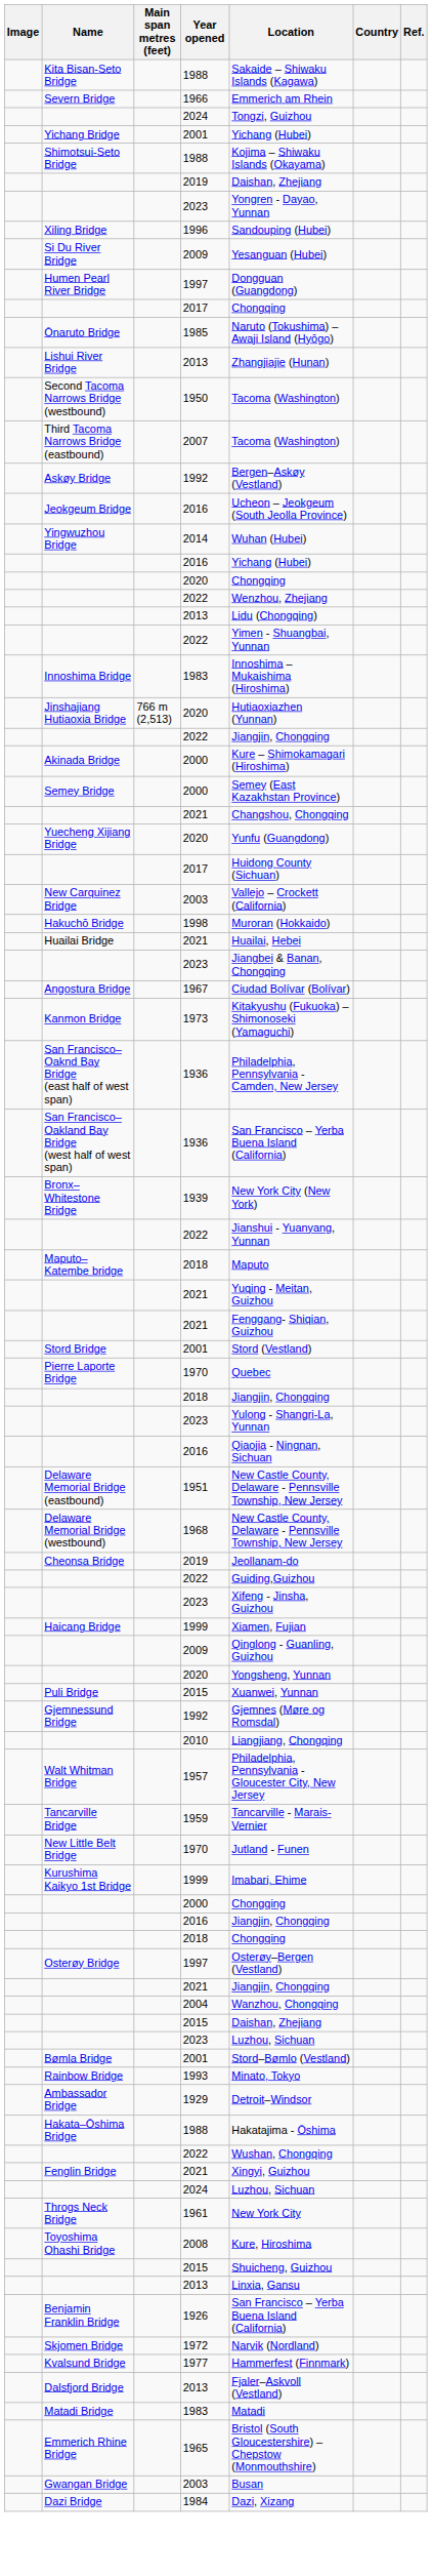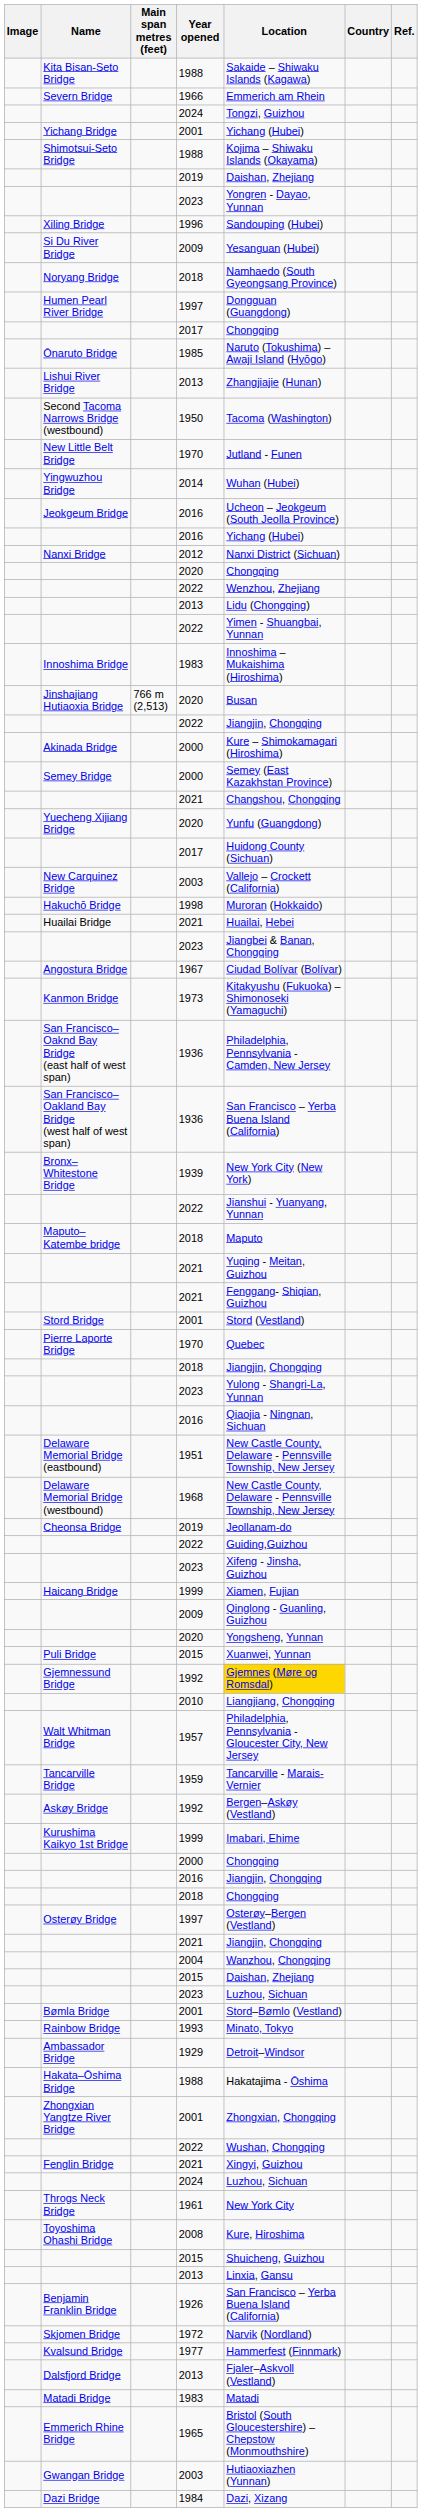 <table class="wikitable sortable static-row-numbers">
 <tr>
 <th>Image</th>
 <th>Name</th>
 <th>Main span<br>metres (feet)</th>
 <th>Year opened</th>
 <th>Location</th>
 <th>Country</th>
 <th class="unsortable">Ref.</th>
 </tr>
 <tr>
 <td></td>
 <td><a href='#'>Kita Bisan-Seto Bridge</a></td>
 <td></td>
 <td>1988</td>
 <td><a href='#'>Sakaide</a> – <a href='#'>Shiwaku Islands</a> (<a href='#'>Kagawa</a>)<br><small></small></td>
 <td></td>
 <td></td>
 </tr>
 <tr>
 <td></td>
 <td><a href='#'>Severn Bridge</a></td>
 <td></td>
 <td>1966</td>
 <td><a href='#'>Emmerich am Rhein</a><br></td>
 <td></td>
 <td></td>
 </tr>
 <tr>
 <td></td>
 <td></td>
 <td></td>
 <td>2024</td>
 <td><a href='#'>Tongzi</a>, <a href='#'>Guizhou</a></td>
 <td></td>
 <td></td>
 </tr>
 <tr>
 <td></td>
 <td><a href='#'>Yichang Bridge</a></td>
 <td></td>
 <td>2001</td>
 <td><a href='#'>Yichang</a> (<a href='#'>Hubei</a>)<br><small></small></td>
 <td></td>
 <td></td>
 </tr>
 <tr>
 <td></td>
 <td><a href='#'>Shimotsui-Seto Bridge</a></td>
 <td></td>
 <td>1988</td>
 <td><a href='#'>Kojima</a> – <a href='#'>Shiwaku Islands</a> (<a href='#'>Okayama</a>)<br><small></small></td>
 <td></td>
 <td></td>
 </tr>
 <tr>
 <td></td>
 <td></td>
 <td></td>
 <td>2019</td>
 <td><a href='#'>Daishan</a>, <a href='#'>Zhejiang</a><br><small></small></td>
 <td></td>
 <td></td>
 </tr>
 <tr>
 <td></td>
 <td></td>
 <td></td>
 <td>2023</td>
 <td><a href='#'>Yongren</a> - <a href='#'>Dayao</a>, <a href='#'>Yunnan</a><br></td>
 <td></td>
 <td></td>
 </tr>
 <tr>
 <td></td>
 <td><a href='#'>Xiling Bridge</a></td>
 <td></td>
 <td>1996</td>
 <td><a href='#'>Sandouping</a> (<a href='#'>Hubei</a>)<br><small></small></td>
 <td></td>
 <td></td>
 </tr>
 <tr>
 <td></td>
 <td><a href='#'>Si Du River Bridge</a></td>
 <td></td>
 <td>2009</td>
 <td><a href='#'>Yesanguan</a> (<a href='#'>Hubei</a>)<br><small></small></td>
 <td></td>
 <td></td>
 </tr>
 <tr>
 <td></td>
+<td><a href='#'>Noryang Bridge</a></td>
+<td></td>
+<td>2018</td>
+<td><a href='#'>Namhaedo</a> (<a href='#'>South Gyeongsang Province</a>)<br><small></small></td>
+<td></td>
+<td></td>
+</tr>
+<tr>
+<td></td>
 <td><a href='#'>Humen Pearl River Bridge</a></td>
 <td></td>
 <td>1997</td>
 <td><a href='#'>Dongguan</a> (<a href='#'>Guangdong</a>)<br><small></small></td>
 <td></td>
 <td></td>
 </tr>
 <tr>
 <td></td>
 <td></td>
 <td></td>
 <td>2017</td>
 <td><a href='#'>Chongqing</a><br><small></small></td>
 <td></td>
 <td></td>
 </tr>
 <tr>
 <td></td>
 <td><a href='#'>Ōnaruto Bridge</a></td>
 <td></td>
 <td>1985</td>
 <td><a href='#'>Naruto</a> (<a href='#'>Tokushima</a>) – <a href='#'>Awaji Island</a> (<a href='#'>Hyōgo</a>)<br><small></small></td>
 <td></td>
 <td></td>
 </tr>
 <tr>
 <td></td>
 <td><a href='#'>Lishui River Bridge</a></td>
 <td></td>
 <td>2013</td>
 <td><a href='#'>Zhangjiajie</a> (<a href='#'>Hunan</a>)<br><small></small></td>
 <td></td>
 <td></td>
 </tr>
 <tr>
 <td></td>
 <td>Second <a href='#'>Tacoma Narrows Bridge</a><br>(westbound)</td>
 <td></td>
 <td>1950</td>
 <td><a href='#'>Tacoma</a> (<a href='#'>Washington</a>)<br><small></small></td>
 <td></td>
 <td></td>
 </tr>
 <tr>
 <td></td>
-<td>Third <a href='#'>Tacoma Narrows Bridge</a><br>(eastbound)</td>
+<td><a href='#'>New Little Belt Bridge</a></td>
 <td></td>
-<td>2007</td>
-<td><a href='#'>Tacoma</a> (<a href='#'>Washington</a>)<br><small></small></td>
+<td>1970</td>
+<td><a href='#'>Jutland</a> - <a href='#'>Funen</a><br></td>
 <td></td>
 <td></td>
 </tr>
 <tr>
 <td></td>
-<td><a href='#'>Askøy Bridge</a></td>
+<td><a href='#'>Yingwuzhou Bridge</a></td>
 <td></td>
-<td>1992</td>
-<td><a href='#'>Bergen</a>–<a href='#'>Askøy</a> (<a href='#'>Vestland</a>)<br><small></small></td>
+<td>2014</td>
+<td><a href='#'>Wuhan</a> (<a href='#'>Hubei</a>)<br><small></small></td>
 <td></td>
 <td></td>
 </tr>
 <tr>
 <td></td>
 <td><a href='#'>Jeokgeum Bridge</a></td>
 <td></td>
 <td>2016</td>
 <td><a href='#'>Ucheon</a> – <a href='#'>Jeokgeum</a> (<a href='#'>South Jeolla Province</a>)<br><small></small></td>
 <td></td>
 <td></td>
 </tr>
 <tr>
 <td></td>
-<td><a href='#'>Yingwuzhou Bridge</a></td>
 <td></td>
-<td>2014</td>
-<td><a href='#'>Wuhan</a> (<a href='#'>Hubei</a>)<br><small></small></td>
+<td></td>
+<td>2016</td>
+<td><a href='#'>Yichang</a> (<a href='#'>Hubei</a>)<br><small></small></td>
 <td></td>
 <td></td>
 </tr>
 <tr>
 <td></td>
+<td><a href='#'>Nanxi Bridge</a></td>
 <td></td>
-<td></td>
-<td>2016</td>
-<td><a href='#'>Yichang</a> (<a href='#'>Hubei</a>)<br><small></small></td>
+<td>2012</td>
+<td><a href='#'>Nanxi District</a> (<a href='#'>Sichuan</a>)<br><small></small></td>
 <td></td>
 <td></td>
 </tr>
 <tr>
 <td></td>
 <td></td>
 <td></td>
 <td>2020</td>
 <td><a href='#'>Chongqing</a><br><small></small></td>
 <td></td>
 <td></td>
 </tr>
 <tr>
 <td></td>
 <td></td>
 <td></td>
 <td>2022</td>
 <td><a href='#'>Wenzhou</a>, <a href='#'>Zhejiang</a><br><small></small></td>
 <td></td>
 <td></td>
 </tr>
 <tr>
 <td></td>
 <td></td>
 <td></td>
 <td>2013</td>
 <td><a href='#'>Lidu</a> (<a href='#'>Chongqing</a>)<br><small></small></td>
 <td></td>
 <td></td>
 </tr>
 <tr>
 <td></td>
 <td></td>
 <td></td>
 <td>2022</td>
 <td><a href='#'>Yimen</a> - <a href='#'>Shuangbai</a>, <a href='#'>Yunnan</a><br><small></small></td>
 <td></td>
 <td></td>
 </tr>
 <tr>
 <td></td>
 <td><a href='#'>Innoshima Bridge</a></td>
 <td></td>
 <td>1983</td>
 <td><a href='#'>Innoshima</a> – <a href='#'>Mukaishima</a> (<a href='#'>Hiroshima</a>)<br><small></small></td>
 <td></td>
 <td></td>
 </tr>
 <tr>
 <td></td>
 <td><a href='#'>Jinshajiang Hutiaoxia Bridge</a></td>
 <td>766 m (2,513)</td>
 <td>2020</td>
-<td><a href='#'>Hutiaoxiazhen</a> (<a href='#'>Yunnan</a>)<br><small></small></td>
+<td><a href='#'>Busan</a><br></td>
 <td></td>
 <td></td>
 </tr>
 <tr>
 <td></td>
 <td></td>
 <td></td>
 <td>2022</td>
 <td><a href='#'>Jiangjin</a>, <a href='#'>Chongqing</a><br><small></small></td>
 <td></td>
 <td></td>
 </tr>
 <tr>
 <td></td>
 <td><a href='#'>Akinada Bridge</a></td>
 <td></td>
 <td>2000</td>
 <td><a href='#'>Kure</a> – <a href='#'>Shimokamagari</a> (<a href='#'>Hiroshima</a>)<br><small></small></td>
 <td></td>
 <td></td>
 </tr>
 <tr>
 <td></td>
 <td><a href='#'>Semey Bridge</a></td>
 <td></td>
 <td>2000</td>
 <td><a href='#'>Semey</a> (<a href='#'>East Kazakhstan Province</a>)<br><small></small></td>
 <td></td>
 <td></td>
 </tr>
 <tr>
 <td></td>
 <td></td>
 <td></td>
 <td>2021</td>
 <td><a href='#'>Changshou</a>, <a href='#'>Chongqing</a><br><small></small></td>
 <td></td>
 <td></td>
 </tr>
 <tr>
 <td></td>
 <td><a href='#'>Yuecheng Xijiang Bridge</a></td>
 <td></td>
 <td>2020</td>
 <td><a href='#'>Yunfu</a> (<a href='#'>Guangdong</a>)<br><small></small></td>
 <td></td>
 <td></td>
 </tr>
 <tr>
 <td></td>
 <td></td>
 <td></td>
 <td>2017</td>
 <td><a href='#'>Huidong County</a> (<a href='#'>Sichuan</a>)<br><small></small></td>
 <td></td>
 <td></td>
 </tr>
 <tr>
 <td></td>
 <td><a href='#'>New Carquinez Bridge</a></td>
 <td></td>
 <td>2003</td>
 <td><a href='#'>Vallejo</a> – <a href='#'>Crockett</a><br>(<a href='#'>California</a>) <small></small></td>
 <td></td>
 <td></td>
 </tr>
 <tr>
 <td></td>
 <td><a href='#'>Hakuchō Bridge</a></td>
 <td></td>
 <td>1998</td>
 <td><a href='#'>Muroran</a> (<a href='#'>Hokkaido</a>)<br><small></small></td>
 <td></td>
 <td></td>
 </tr>
 <tr>
 <td></td>
 <td>Huailai Bridge</td>
 <td></td>
 <td>2021</td>
 <td><a href='#'>Huailai</a>, <a href='#'>Hebei</a><br><small></small></td>
 <td></td>
 <td></td>
 </tr>
 <tr>
 <td></td>
 <td></td>
 <td></td>
 <td>2023</td>
 <td><a href='#'>Jiangbei</a> & <a href='#'>Banan</a>, <a href='#'>Chongqing</a><br><small></small></td>
 <td></td>
 <td></td>
 </tr>
 <tr>
 <td></td>
 <td><a href='#'>Angostura Bridge</a></td>
 <td></td>
 <td>1967</td>
 <td><a href='#'>Ciudad Bolívar</a> (<a href='#'>Bolívar</a>)<br><small></small></td>
 <td></td>
 <td></td>
 </tr>
 <tr>
 <td></td>
 <td><a href='#'>Kanmon Bridge</a></td>
 <td></td>
 <td>1973</td>
 <td><a href='#'>Kitakyushu</a> (<a href='#'>Fukuoka</a>) – <a href='#'>Shimonoseki</a> (<a href='#'>Yamaguchi</a>)<br><small></small></td>
 <td></td>
 <td></td>
 </tr>
 <tr>
 <td></td>
 <td><a href='#'>San Francisco–Oaknd Bay Bridge</a><br>(east half of west span)</td>
 <td></td>
 <td>1936</td>
 <td><a href='#'>Philadelphia</a>, <a href='#'>Pennsylvania</a> - <a href='#'>Camden, New Jersey</a><br></td>
 <td></td>
 <td></td>
 </tr>
 <tr>
 <td></td>
 <td><a href='#'>San Francisco–Oakland Bay Bridge</a><br>(west half of west span)</td>
 <td></td>
 <td>1936</td>
 <td><a href='#'>San Francisco</a> – <a href='#'>Yerba Buena Island</a> (<a href='#'>California</a>)<br><small></small></td>
 <td></td>
 <td></td>
 </tr>
 <tr>
 <td></td>
 <td><a href='#'>Bronx–Whitestone Bridge</a></td>
 <td></td>
 <td>1939</td>
 <td><a href='#'>New York City</a> (<a href='#'>New York</a>)<br><small></small></td>
 <td></td>
 <td></td>
 </tr>
 <tr>
 <td></td>
 <td></td>
 <td></td>
 <td>2022</td>
 <td><a href='#'>Jianshui</a> - <a href='#'>Yuanyang</a>, <a href='#'>Yunnan</a><br></td>
 <td></td>
 <td></td>
 </tr>
 <tr>
 <td></td>
 <td><a href='#'>Maputo–Katembe bridge</a></td>
 <td></td>
 <td>2018</td>
 <td><a href='#'>Maputo</a><br></td>
 <td></td>
 <td></td>
 </tr>
 <tr>
 <td></td>
 <td></td>
 <td></td>
 <td>2021</td>
 <td><a href='#'>Yuqing</a> - <a href='#'>Meitan</a>, <a href='#'>Guizhou</a><br></td>
 <td></td>
 <td></td>
 </tr>
 <tr>
 <td></td>
 <td></td>
 <td></td>
 <td>2021</td>
 <td><a href='#'>Fenggang</a>- <a href='#'>Shiqian</a>, <a href='#'>Guizhou</a><br></td>
 <td></td>
 <td></td>
 </tr>
 <tr>
 <td></td>
 <td><a href='#'>Stord Bridge</a></td>
 <td></td>
 <td>2001</td>
 <td><a href='#'>Stord</a> (<a href='#'>Vestland</a>)<br></td>
 <td></td>
 <td></td>
 </tr>
 <tr>
 <td></td>
 <td><a href='#'>Pierre Laporte Bridge</a></td>
 <td></td>
 <td>1970</td>
 <td><a href='#'>Quebec</a><br></td>
 <td></td>
 <td></td>
 </tr>
 <tr>
 <td></td>
 <td></td>
 <td></td>
 <td>2018</td>
 <td><a href='#'>Jiangjin</a>, <a href='#'>Chongqing</a><br></td>
 <td></td>
 <td></td>
 </tr>
 <tr>
 <td></td>
 <td></td>
 <td></td>
 <td>2023</td>
 <td><a href='#'>Yulong</a> - <a href='#'>Shangri-La</a>, <a href='#'>Yunnan</a><br></td>
 <td></td>
 <td></td>
 </tr>
 <tr>
 <td></td>
 <td></td>
 <td></td>
 <td>2016</td>
 <td><a href='#'>Qiaojia</a> - <a href='#'>Ningnan</a>, <a href='#'>Sichuan</a><br></td>
 <td></td>
 <td></td>
 </tr>
 <tr>
 <td></td>
 <td><a href='#'>Delaware Memorial Bridge</a> (eastbound)</td>
 <td></td>
 <td>1951</td>
 <td><a href='#'>New Castle County, Delaware</a> - <a href='#'>Pennsville Township, New Jersey</a><br></td>
 <td></td>
 <td></td>
 </tr>
 <tr>
 <td></td>
 <td><a href='#'>Delaware Memorial Bridge</a> (westbound)</td>
 <td></td>
 <td>1968</td>
 <td><a href='#'>New Castle County, Delaware</a> - <a href='#'>Pennsville Township, New Jersey</a><br></td>
 <td></td>
 <td></td>
 </tr>
 <tr>
 <td></td>
 <td><a href='#'>Cheonsa Bridge</a></td>
 <td></td>
 <td>2019</td>
 <td><a href='#'>Jeollanam-do</a><br></td>
 <td></td>
 <td></td>
 </tr>
 <tr>
 <td></td>
 <td></td>
 <td></td>
 <td>2022</td>
 <td><a href='#'>Guiding</a>,<a href='#'>Guizhou</a><br></td>
 <td></td>
 <td></td>
 </tr>
 <tr>
 <td></td>
 <td></td>
 <td></td>
 <td>2023</td>
 <td><a href='#'>Xifeng</a> - <a href='#'>Jinsha</a>, <a href='#'>Guizhou</a><br></td>
 <td></td>
 <td></td>
 </tr>
 <tr>
 <td></td>
 <td><a href='#'>Haicang Bridge</a></td>
 <td></td>
 <td>1999</td>
 <td><a href='#'>Xiamen</a>, <a href='#'>Fujian</a><br></td>
 <td></td>
 <td></td>
 </tr>
 <tr>
 <td></td>
 <td></td>
 <td></td>
 <td>2009</td>
 <td><a href='#'>Qinglong</a> - <a href='#'>Guanling</a>, <a href='#'>Guizhou</a><br></td>
 <td></td>
 <td></td>
 </tr>
 <tr>
 <td></td>
 <td></td>
 <td></td>
 <td>2020</td>
 <td><a href='#'>Yongsheng</a>, <a href='#'>Yunnan</a><br></td>
 <td></td>
 <td></td>
 </tr>
 <tr>
 <td></td>
 <td><a href='#'>Puli Bridge</a></td>
 <td></td>
 <td>2015</td>
 <td><a href='#'>Xuanwei</a>, <a href='#'>Yunnan</a><br></td>
 <td></td>
 <td></td>
 </tr>
 <tr>
 <td></td>
 <td><a href='#'>Gjemnessund Bridge</a></td>
 <td></td>
 <td>1992</td>
-<td><a href='#'>Gjemnes</a> (<a href='#'>Møre og Romsdal</a>)<br></td>
+<td style="background: gold;"><a href='#'>Gjemnes</a> (<a href='#'>Møre og Romsdal</a>)<br></td>
 <td></td>
 <td></td>
 </tr>
 <tr>
 <td></td>
 <td></td>
 <td></td>
 <td>2010</td>
 <td><a href='#'>Liangjiang</a>, <a href='#'>Chongqing</a><br></td>
 <td></td>
 <td></td>
 </tr>
 <tr>
 <td></td>
 <td><a href='#'>Walt Whitman Bridge</a></td>
 <td></td>
 <td>1957</td>
 <td><a href='#'>Philadelphia</a>, <a href='#'>Pennsylvania</a> - <a href='#'>Gloucester City, New Jersey</a><br></td>
 <td></td>
 <td></td>
 </tr>
 <tr>
 <td></td>
 <td><a href='#'>Tancarville Bridge</a></td>
 <td></td>
 <td>1959</td>
 <td><a href='#'>Tancarville</a> - <a href='#'>Marais-Vernier</a><br></td>
 <td></td>
 <td></td>
 </tr>
 <tr>
 <td></td>
-<td><a href='#'>New Little Belt Bridge</a></td>
+<td><a href='#'>Askøy Bridge</a></td>
 <td></td>
-<td>1970</td>
-<td><a href='#'>Jutland</a> - <a href='#'>Funen</a><br></td>
+<td>1992</td>
+<td><a href='#'>Bergen</a>–<a href='#'>Askøy</a> (<a href='#'>Vestland</a>)<br><small></small></td>
 <td></td>
 <td></td>
 </tr>
 <tr>
 <td></td>
 <td><a href='#'>Kurushima Kaikyo 1st Bridge</a></td>
 <td></td>
 <td>1999</td>
 <td><a href='#'>Imabari, Ehime</a><br></td>
 <td></td>
 <td></td>
 </tr>
 <tr>
 <td></td>
 <td></td>
 <td></td>
 <td>2000</td>
 <td><a href='#'>Chongqing</a><br></td>
 <td></td>
 <td></td>
 </tr>
 <tr>
 <td></td>
 <td></td>
 <td></td>
 <td>2016</td>
 <td><a href='#'>Jiangjin</a>, <a href='#'>Chongqing</a><br></td>
 <td></td>
 <td></td>
 </tr>
 <tr>
 <td></td>
 <td></td>
 <td></td>
 <td>2018</td>
 <td><a href='#'>Chongqing</a><br></td>
 <td></td>
 <td></td>
 </tr>
 <tr>
 <td></td>
 <td><a href='#'>Osterøy Bridge</a></td>
 <td></td>
 <td>1997</td>
 <td><a href='#'>Osterøy</a>–<a href='#'>Bergen</a> (<a href='#'>Vestland</a>)<br></td>
 <td></td>
 <td></td>
 </tr>
 <tr>
 <td></td>
 <td></td>
 <td></td>
 <td>2021</td>
 <td><a href='#'>Jiangjin</a>, <a href='#'>Chongqing</a><br></td>
 <td></td>
 <td></td>
 </tr>
 <tr>
 <td></td>
 <td></td>
 <td></td>
 <td>2004</td>
 <td><a href='#'>Wanzhou</a>, <a href='#'>Chongqing</a><br></td>
 <td></td>
 <td></td>
 </tr>
 <tr>
 <td></td>
 <td></td>
 <td></td>
 <td>2015</td>
 <td><a href='#'>Daishan</a>, <a href='#'>Zhejiang</a><br></td>
 <td></td>
 <td></td>
 </tr>
 <tr>
 <td></td>
 <td></td>
 <td></td>
 <td>2023</td>
 <td><a href='#'>Luzhou</a>, <a href='#'>Sichuan</a></td>
 <td></td>
 <td></td>
 </tr>
 <tr>
 <td></td>
 <td><a href='#'>Bømla Bridge</a></td>
 <td></td>
 <td>2001</td>
 <td><a href='#'>Stord</a>–<a href='#'>Bømlo</a> (<a href='#'>Vestland</a>)<br></td>
 <td></td>
 <td></td>
 </tr>
 <tr>
 <td></td>
 <td><a href='#'>Rainbow Bridge</a></td>
 <td></td>
 <td>1993</td>
 <td><a href='#'>Minato, Tokyo</a><br><small></small></td>
 <td></td>
 <td></td>
 </tr>
 <tr>
 <td></td>
 <td><a href='#'>Ambassador Bridge</a></td>
 <td></td>
 <td>1929</td>
 <td><a href='#'>Detroit</a>–<a href='#'>Windsor</a><br></td>
 <td> </td>
 <td></td>
 </tr>
 <tr>
 <td></td>
 <td><a href='#'>Hakata–Ōshima Bridge</a></td>
 <td></td>
 <td>1988</td>
 <td>Hakatajima - <a href='#'>Ōshima</a><br><small></small></td>
+<td></td>
+<td></td>
+</tr>
+<tr>
+<td></td>
+<td><a href='#'>Zhongxian Yangtze River Bridge</a></td>
+<td></td>
+<td>2001</td>
+<td><a href='#'>Zhongxian</a>, <a href='#'>Chongqing</a><br></td>
 <td></td>
 <td></td>
 </tr>
 <tr>
 <td></td>
 <td></td>
 <td></td>
 <td>2022</td>
 <td><a href='#'>Wushan</a>, <a href='#'>Chongqing</a><br></td>
 <td></td>
 <td></td>
 </tr>
 <tr>
 <td></td>
 <td><a href='#'>Fenglin Bridge</a></td>
 <td></td>
 <td>2021</td>
 <td><a href='#'>Xingyi</a>, <a href='#'>Guizhou</a><br></td>
 <td></td>
 <td></td>
 </tr>
 <tr>
 <td></td>
 <td></td>
 <td></td>
 <td>2024</td>
 <td><a href='#'>Luzhou</a>, <a href='#'>Sichuan</a><br></td>
 <td></td>
 <td></td>
 </tr>
 <tr>
 <td></td>
 <td><a href='#'>Throgs Neck Bridge</a></td>
 <td></td>
 <td>1961</td>
 <td><a href='#'>New York City</a><br></td>
 <td></td>
 <td></td>
 </tr>
 <tr>
 <td></td>
 <td><a href='#'>Toyoshima Ohashi Bridge</a></td>
 <td></td>
 <td>2008</td>
 <td><a href='#'>Kure</a>, <a href='#'>Hiroshima</a><br><small></small></td>
 <td></td>
 <td></td>
 </tr>
 <tr>
 <td></td>
 <td></td>
 <td></td>
 <td>2015</td>
 <td><a href='#'>Shuicheng</a>, <a href='#'>Guizhou</a><br></td>
 <td></td>
 <td></td>
 </tr>
 <tr>
 <td></td>
 <td></td>
 <td></td>
 <td>2013</td>
 <td><a href='#'>Linxia</a>, <a href='#'>Gansu</a><br></td>
 <td></td>
 <td></td>
 </tr>
 <tr>
 <td></td>
 <td><a href='#'>Benjamin Franklin Bridge</a></td>
 <td></td>
 <td>1926</td>
 <td><a href='#'>San Francisco</a> – <a href='#'>Yerba Buena Island</a> (<a href='#'>California</a>)<br><small></small></td>
 <td></td>
 <td></td>
 </tr>
 <tr>
 <td></td>
 <td><a href='#'>Skjomen Bridge</a></td>
 <td></td>
 <td>1972</td>
 <td><a href='#'>Narvik</a> (<a href='#'>Nordland</a>)<br></td>
 <td></td>
 <td></td>
 </tr>
 <tr>
 <td></td>
 <td><a href='#'>Kvalsund Bridge</a></td>
 <td></td>
 <td>1977</td>
 <td><a href='#'>Hammerfest</a> (<a href='#'>Finnmark</a>)<br></td>
 <td></td>
 <td></td>
 </tr>
 <tr>
 <td></td>
 <td><a href='#'>Dalsfjord Bridge</a></td>
 <td></td>
 <td>2013</td>
 <td><a href='#'>Fjaler</a>–<a href='#'>Askvoll</a> (<a href='#'>Vestland</a>)<br></td>
 <td></td>
 <td></td>
 </tr>
 <tr>
 <td></td>
 <td><a href='#'>Matadi Bridge</a></td>
 <td></td>
 <td>1983</td>
 <td><a href='#'>Matadi</a><br></td>
 <td></td>
 <td></td>
 </tr>
 <tr>
 <td></td>
 <td><a href='#'>Emmerich Rhine Bridge</a></td>
 <td></td>
 <td>1965</td>
 <td><a href='#'>Bristol</a> (<a href='#'>South Gloucestershire</a>) – <a href='#'>Chepstow</a> (<a href='#'>Monmouthshire</a>)<br><small></small></td>
 <td></td>
 <td></td>
 </tr>
 <tr>
 <td></td>
 <td><a href='#'>Gwangan Bridge</a></td>
 <td></td>
 <td>2003</td>
-<td><a href='#'>Busan</a><br></td>
+<td><a href='#'>Hutiaoxiazhen</a> (<a href='#'>Yunnan</a>)<br><small></small></td>
 <td></td>
 <td></td>
 </tr>
 <tr>
 <td></td>
 <td><a href='#'>Dazi Bridge</a></td>
 <td></td>
 <td>1984</td>
 <td><a href='#'>Dazi</a>, <a href='#'>Xizang</a><br></td>
 <td></td>
 <td></td>
 </tr>
 </table>
